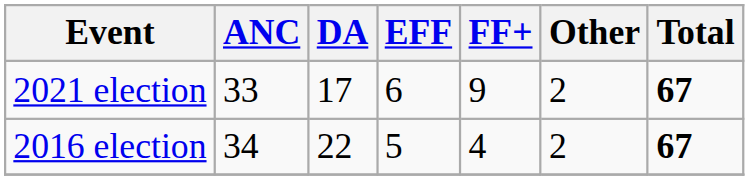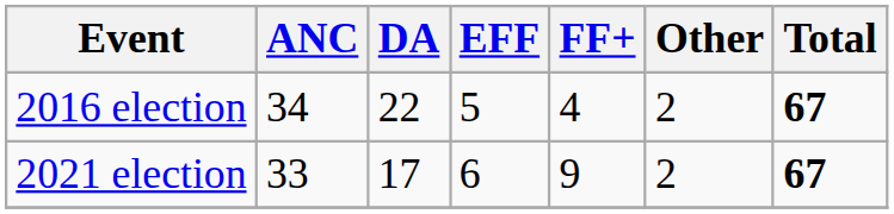 <table class="wikitable">
 <tr>
 <th>Event</th>
 <th><a href='#'>ANC</a></th>
 <th><a href='#'>DA</a></th>
 <th><a href='#'>EFF</a></th>
 <th><a href='#'>FF+</a></th>
 <th>Other</th>
 <th>Total</th>
 </tr>
 <tr>
+<td><a href='#'>2016 election</a></td>
+<td>34</td>
+<td>22</td>
+<td>5</td>
+<td>4</td>
+<td>2</td>
+<td><strong>67</strong></td>
+</tr>
+<tr>
 <td><a href='#'>2021 election</a></td>
 <td>33</td>
 <td>17</td>
 <td>6</td>
 <td>9</td>
 <td>2</td>
 <td><strong>67</strong></td>
 </tr>
 <tr>
-<td><a href='#'>2016 election</a></td>
-<td>34</td>
-<td>22</td>
-<td>5</td>
-<td>4</td>
-<td>2</td>
-<td><strong>67</strong></td>
-</tr>
-<tr>
 </tr>
 </table>
